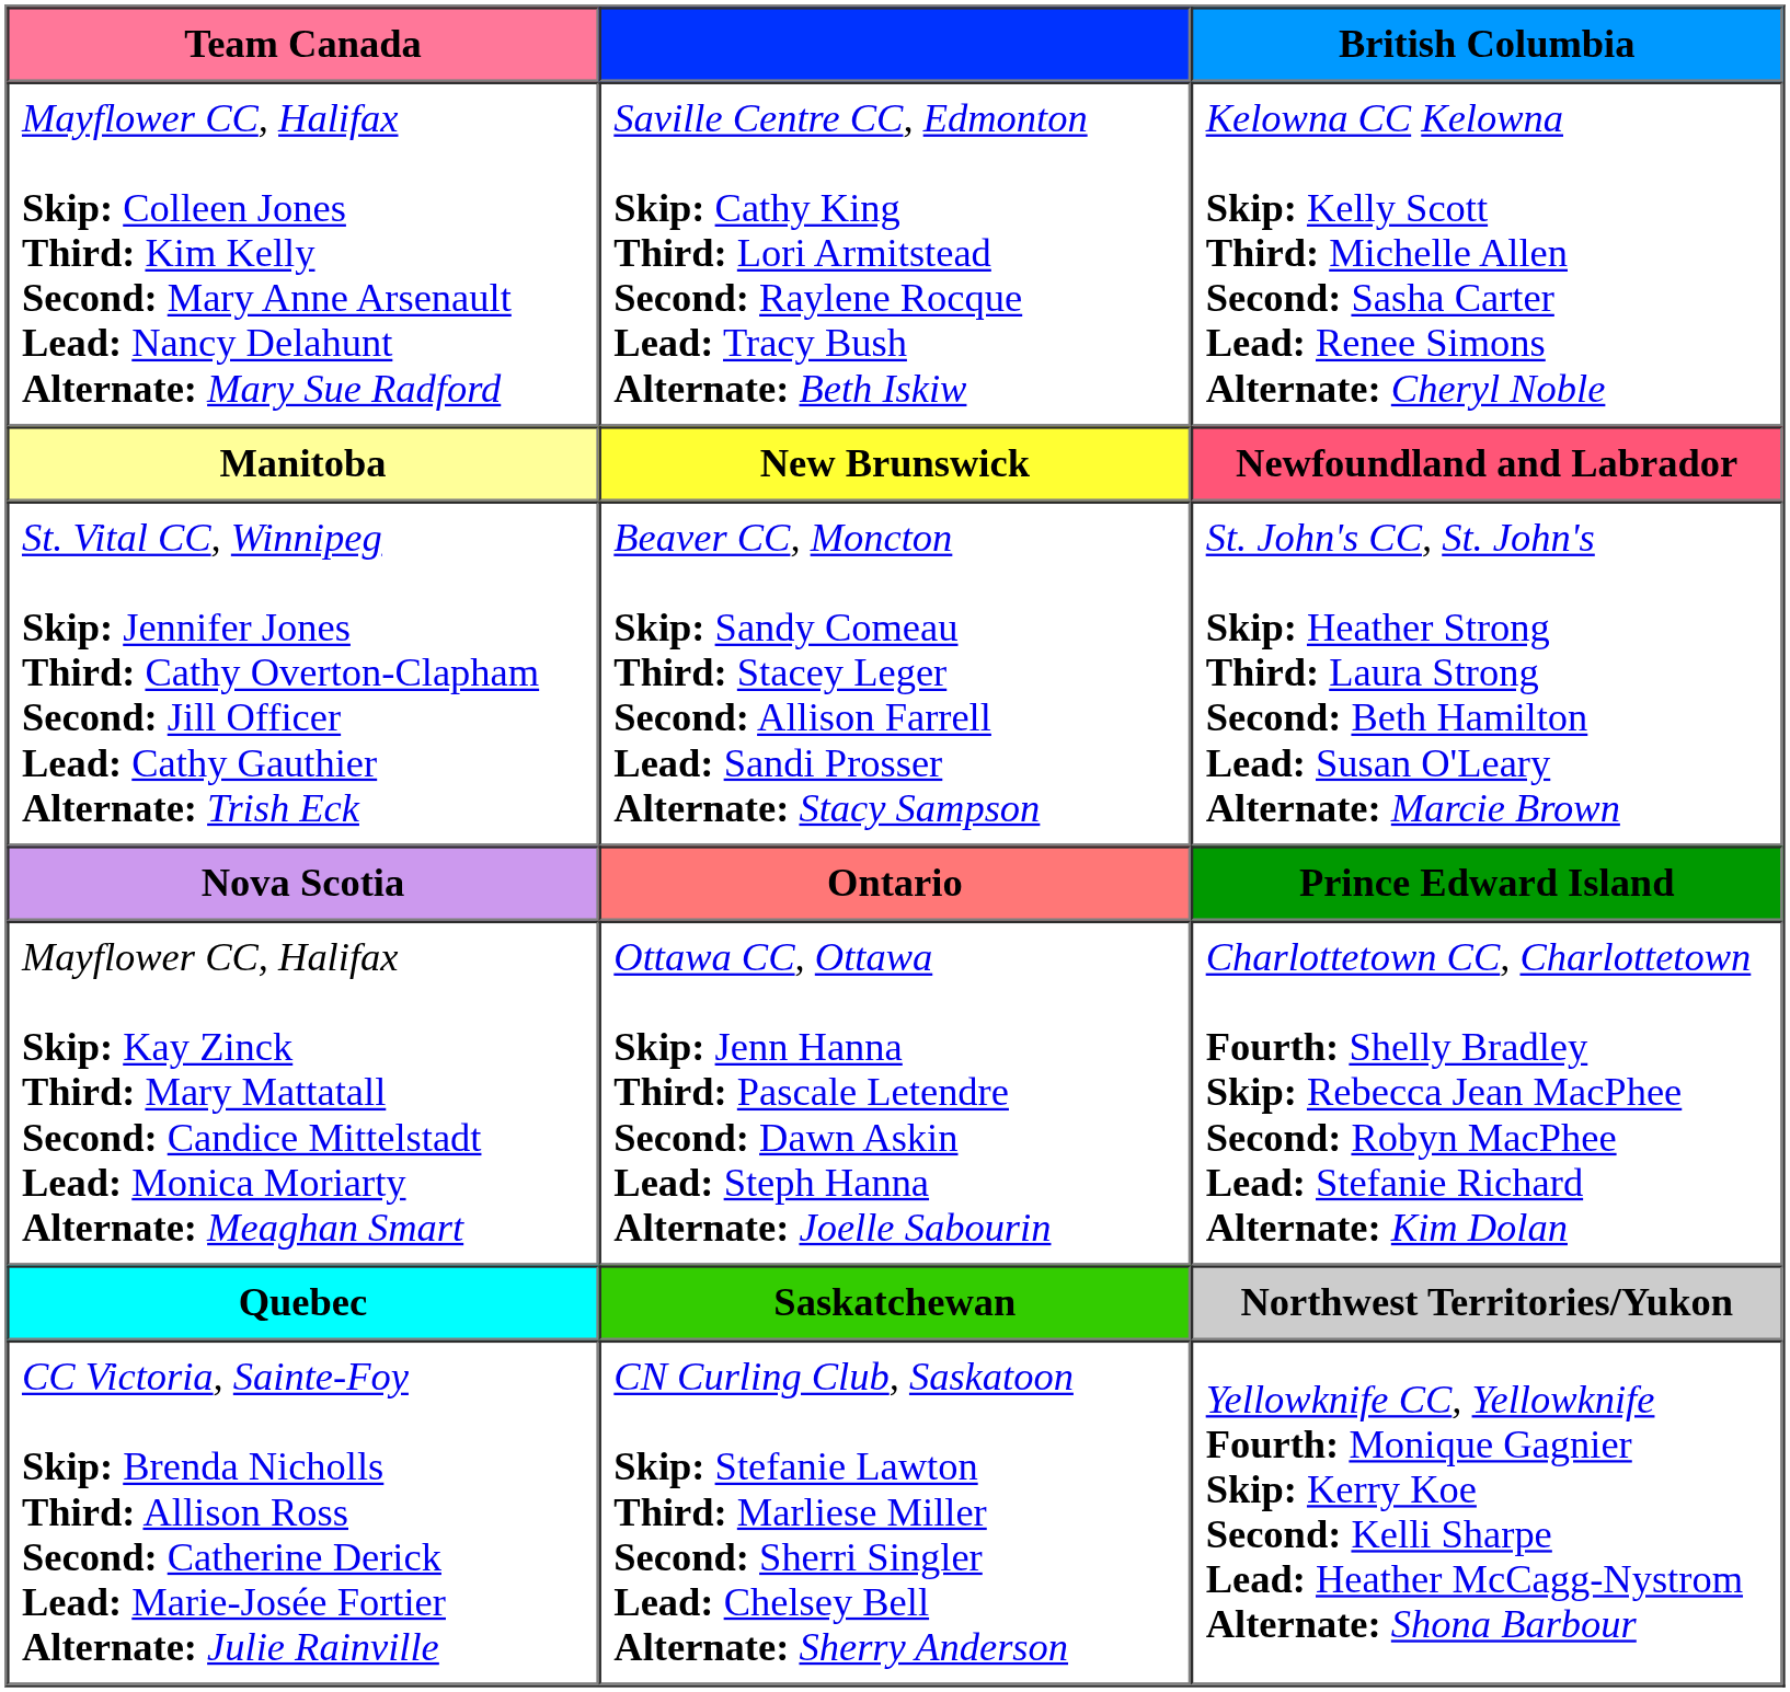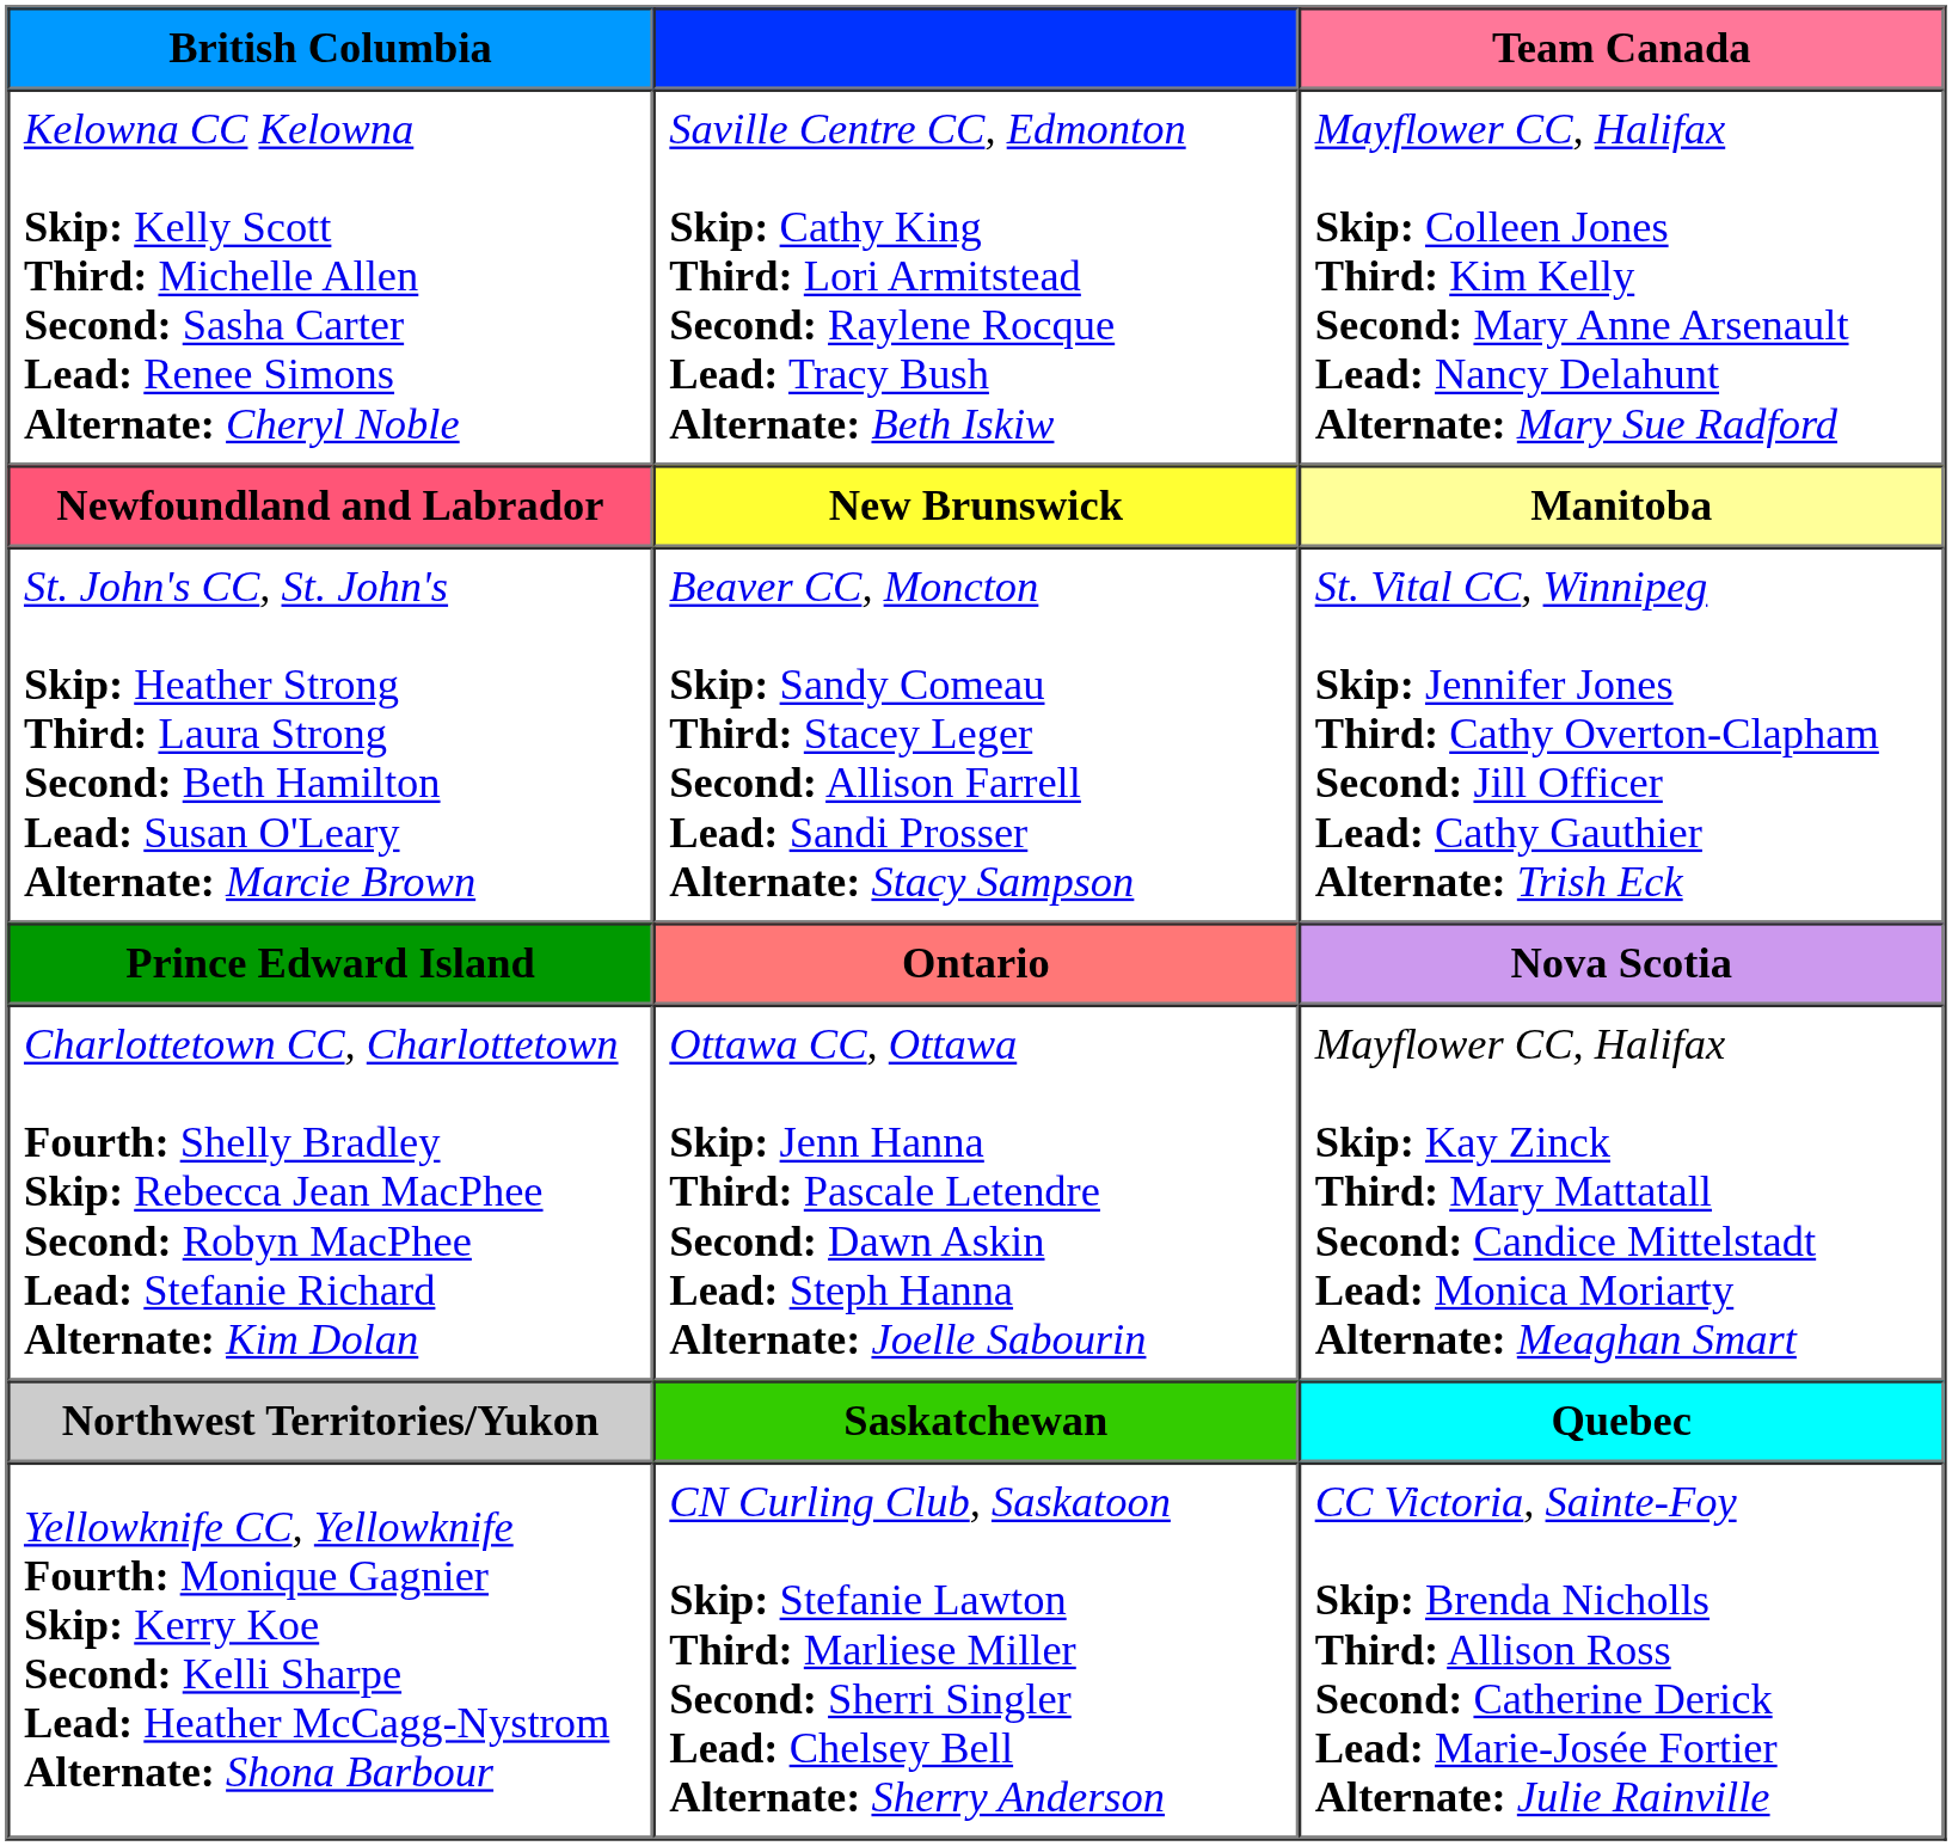 <table border=1 cellpadding=5 cellspacing=0>
 <tr>
+<th bgcolor="#0099ff" width="225">British Columbia</th>
+<th bgcolor="#0033ff" width="225"></th>
 <th bgcolor="#ff7799" width="225">Team Canada</th>
-<th bgcolor="#0033ff" width="225"></th>
-<th bgcolor="#0099ff" width="225">British Columbia</th>
 </tr>
 <tr align=center>
+<td align=left><em><a href='#'>Kelowna CC</a> <a href='#'>Kelowna</a></em><br><br><strong>Skip:</strong> <a href='#'>Kelly Scott</a><br> <strong>Third:</strong> <a href='#'>Michelle Allen</a><br> <strong>Second:</strong> <a href='#'>Sasha Carter</a><br> <strong>Lead:</strong> <a href='#'>Renee Simons</a><br> <strong>Alternate:</strong> <em><a href='#'>Cheryl Noble</a></em></td>
+<td align=left><em><a href='#'>Saville Centre CC</a>, <a href='#'>Edmonton</a></em><br><br><strong>Skip:</strong> <a href='#'>Cathy King</a><br> <strong>Third:</strong> <a href='#'>Lori Armitstead</a><br> <strong>Second:</strong> <a href='#'>Raylene Rocque</a><br> <strong>Lead:</strong> <a href='#'>Tracy Bush</a><br> <strong>Alternate:</strong> <em><a href='#'>Beth Iskiw</a></em></td>
 <td align=left><em><a href='#'>Mayflower CC</a>, <a href='#'>Halifax</a></em><br><br><strong>Skip:</strong> <a href='#'>Colleen Jones</a><br> <strong>Third:</strong> <a href='#'>Kim Kelly</a><br> <strong>Second:</strong> <a href='#'>Mary Anne Arsenault</a><br> <strong>Lead:</strong> <a href='#'>Nancy Delahunt</a><br> <strong>Alternate:</strong> <em><a href='#'>Mary Sue Radford</a></em></td>
-<td align=left><em><a href='#'>Saville Centre CC</a>, <a href='#'>Edmonton</a></em><br><br><strong>Skip:</strong> <a href='#'>Cathy King</a><br> <strong>Third:</strong> <a href='#'>Lori Armitstead</a><br> <strong>Second:</strong> <a href='#'>Raylene Rocque</a><br> <strong>Lead:</strong> <a href='#'>Tracy Bush</a><br> <strong>Alternate:</strong> <em><a href='#'>Beth Iskiw</a></em></td>
-<td align=left><em><a href='#'>Kelowna CC</a> <a href='#'>Kelowna</a></em><br><br><strong>Skip:</strong> <a href='#'>Kelly Scott</a><br> <strong>Third:</strong> <a href='#'>Michelle Allen</a><br> <strong>Second:</strong> <a href='#'>Sasha Carter</a><br> <strong>Lead:</strong> <a href='#'>Renee Simons</a><br> <strong>Alternate:</strong> <em><a href='#'>Cheryl Noble</a></em></td>
 </tr>
 <tr border=1 cellpadding=5 cellspacing=0>
+<th bgcolor="#ff5577" width="200">Newfoundland and Labrador</th>
+<th bgcolor="#ffff33" width="200">New Brunswick</th>
 <th bgcolor="#ffff99" width="200">Manitoba</th>
-<th bgcolor="#ffff33" width="200">New Brunswick</th>
-<th bgcolor="#ff5577" width="200">Newfoundland and Labrador</th>
 </tr>
 <tr align=center>
+<td align=left><em><a href='#'>St. John's CC</a>, <a href='#'>St. John's</a></em><br><br><strong>Skip:</strong> <a href='#'>Heather Strong</a><br> <strong>Third:</strong> <a href='#'>Laura Strong</a><br> <strong>Second:</strong> <a href='#'>Beth Hamilton</a><br> <strong>Lead:</strong> <a href='#'>Susan O'Leary</a><br> <strong>Alternate:</strong>  <em><a href='#'>Marcie Brown</a></em></td>
+<td align=left><em><a href='#'>Beaver CC</a>, <a href='#'>Moncton</a></em><br><br><strong>Skip:</strong> <a href='#'>Sandy Comeau</a><br> <strong>Third:</strong> <a href='#'>Stacey Leger</a><br> <strong>Second:</strong> <a href='#'>Allison Farrell</a><br> <strong>Lead:</strong> <a href='#'>Sandi Prosser</a><br> <strong>Alternate:</strong> <em><a href='#'>Stacy Sampson</a></em></td>
 <td align=left><em><a href='#'>St. Vital CC</a>, <a href='#'>Winnipeg</a></em><br><br><strong>Skip:</strong> <a href='#'>Jennifer Jones</a><br> <strong>Third:</strong> <a href='#'>Cathy Overton-Clapham</a><br> <strong>Second:</strong> <a href='#'>Jill Officer</a><br> <strong>Lead:</strong> <a href='#'>Cathy Gauthier</a><br> <strong>Alternate:</strong> <em><a href='#'>Trish Eck</a></em></td>
-<td align=left><em><a href='#'>Beaver CC</a>, <a href='#'>Moncton</a></em><br><br><strong>Skip:</strong> <a href='#'>Sandy Comeau</a><br> <strong>Third:</strong> <a href='#'>Stacey Leger</a><br> <strong>Second:</strong> <a href='#'>Allison Farrell</a><br> <strong>Lead:</strong> <a href='#'>Sandi Prosser</a><br> <strong>Alternate:</strong> <em><a href='#'>Stacy Sampson</a></em></td>
-<td align=left><em><a href='#'>St. John's CC</a>, <a href='#'>St. John's</a></em><br><br><strong>Skip:</strong> <a href='#'>Heather Strong</a><br> <strong>Third:</strong> <a href='#'>Laura Strong</a><br> <strong>Second:</strong> <a href='#'>Beth Hamilton</a><br> <strong>Lead:</strong> <a href='#'>Susan O'Leary</a><br> <strong>Alternate:</strong>  <em><a href='#'>Marcie Brown</a></em></td>
 </tr>
 <tr border=1 cellpadding=5 cellspacing=0>
+<th bgcolor="#009900" width="200">Prince Edward Island</th>
+<th bgcolor="#ff7777" width="200">Ontario</th>
 <th bgcolor="#cc99ee" width="200">Nova Scotia</th>
-<th bgcolor="#ff7777" width="200">Ontario</th>
-<th bgcolor="#009900" width="200">Prince Edward Island</th>
 </tr>
 <tr align=center>
+<td align=left><em><a href='#'>Charlottetown CC</a>, <a href='#'>Charlottetown</a></em><br><br><strong>Fourth:</strong> <a href='#'>Shelly Bradley</a><br> <strong>Skip:</strong> <a href='#'>Rebecca Jean MacPhee</a><br> <strong>Second:</strong> <a href='#'>Robyn MacPhee</a><br> <strong>Lead:</strong> <a href='#'>Stefanie Richard</a><br> <strong>Alternate:</strong> <em><a href='#'>Kim Dolan</a></em></td>
+<td align=left><em><a href='#'>Ottawa CC</a>, <a href='#'>Ottawa</a></em><br><br><strong>Skip:</strong> <a href='#'>Jenn Hanna</a><br> <strong>Third:</strong> <a href='#'>Pascale Letendre</a><br> <strong>Second:</strong> <a href='#'>Dawn Askin</a><br> <strong>Lead:</strong> <a href='#'>Steph Hanna</a><br> <strong>Alternate:</strong> <em><a href='#'>Joelle Sabourin</a></em></td>
 <td align=left><em>Mayflower CC, Halifax</em><br><br><strong>Skip:</strong> <a href='#'>Kay Zinck</a><br> <strong>Third:</strong> <a href='#'>Mary Mattatall</a><br> <strong>Second:</strong> <a href='#'>Candice Mittelstadt</a><br> <strong>Lead:</strong> <a href='#'>Monica Moriarty</a><br> <strong>Alternate:</strong> <em><a href='#'>Meaghan Smart</a></em></td>
-<td align=left><em><a href='#'>Ottawa CC</a>, <a href='#'>Ottawa</a></em><br><br><strong>Skip:</strong> <a href='#'>Jenn Hanna</a><br> <strong>Third:</strong> <a href='#'>Pascale Letendre</a><br> <strong>Second:</strong> <a href='#'>Dawn Askin</a><br> <strong>Lead:</strong> <a href='#'>Steph Hanna</a><br> <strong>Alternate:</strong> <em><a href='#'>Joelle Sabourin</a></em></td>
-<td align=left><em><a href='#'>Charlottetown CC</a>, <a href='#'>Charlottetown</a></em><br><br><strong>Fourth:</strong> <a href='#'>Shelly Bradley</a><br> <strong>Skip:</strong> <a href='#'>Rebecca Jean MacPhee</a><br> <strong>Second:</strong> <a href='#'>Robyn MacPhee</a><br> <strong>Lead:</strong> <a href='#'>Stefanie Richard</a><br> <strong>Alternate:</strong> <em><a href='#'>Kim Dolan</a></em></td>
 </tr>
 <tr border=1 cellpadding=5 cellspacing=0>
+<th bgcolor="#cccccc" width="200">Northwest Territories/Yukon</th>
+<th bgcolor="#33cc00" width="200">Saskatchewan</th>
 <th bgcolor="#00ffff" width="200">Quebec</th>
-<th bgcolor="#33cc00" width="200">Saskatchewan</th>
-<th bgcolor="#cccccc" width="200">Northwest Territories/Yukon</th>
 </tr>
 <tr align=center>
+<td align=left><em><a href='#'>Yellowknife CC</a>, <a href='#'>Yellowknife</a></em><br><strong>Fourth:</strong> <a href='#'>Monique Gagnier</a><br> <strong>Skip:</strong> <a href='#'>Kerry Koe</a><br> <strong>Second:</strong> <a href='#'>Kelli Sharpe</a><br> <strong>Lead:</strong> <a href='#'>Heather McCagg-Nystrom</a><br> <strong>Alternate:</strong> <em><a href='#'>Shona Barbour</a></em></td>
+<td align=left><em><a href='#'>CN Curling Club</a>, <a href='#'>Saskatoon</a></em><br><br><strong>Skip:</strong> <a href='#'>Stefanie Lawton</a><br> <strong>Third:</strong> <a href='#'>Marliese Miller</a><br> <strong>Second:</strong> <a href='#'>Sherri Singler</a><br> <strong>Lead:</strong> <a href='#'>Chelsey Bell</a><br> <strong>Alternate:</strong> <em><a href='#'>Sherry Anderson</a></em></td>
 <td align=left><em><a href='#'>CC Victoria</a>, <a href='#'>Sainte-Foy</a></em><br><br><strong>Skip:</strong> <a href='#'>Brenda Nicholls</a><br> <strong>Third:</strong> <a href='#'>Allison Ross</a><br> <strong>Second:</strong> <a href='#'>Catherine Derick</a><br> <strong>Lead:</strong> <a href='#'>Marie-Josée Fortier</a><br> <strong>Alternate:</strong> <em><a href='#'>Julie Rainville</a></em></td>
-<td align=left><em><a href='#'>CN Curling Club</a>, <a href='#'>Saskatoon</a></em><br><br><strong>Skip:</strong> <a href='#'>Stefanie Lawton</a><br> <strong>Third:</strong> <a href='#'>Marliese Miller</a><br> <strong>Second:</strong> <a href='#'>Sherri Singler</a><br> <strong>Lead:</strong> <a href='#'>Chelsey Bell</a><br> <strong>Alternate:</strong> <em><a href='#'>Sherry Anderson</a></em></td>
-<td align=left><em><a href='#'>Yellowknife CC</a>, <a href='#'>Yellowknife</a></em><br><strong>Fourth:</strong> <a href='#'>Monique Gagnier</a><br> <strong>Skip:</strong> <a href='#'>Kerry Koe</a><br> <strong>Second:</strong> <a href='#'>Kelli Sharpe</a><br> <strong>Lead:</strong> <a href='#'>Heather McCagg-Nystrom</a><br> <strong>Alternate:</strong> <em><a href='#'>Shona Barbour</a></em></td>
 </tr>
 </table>
